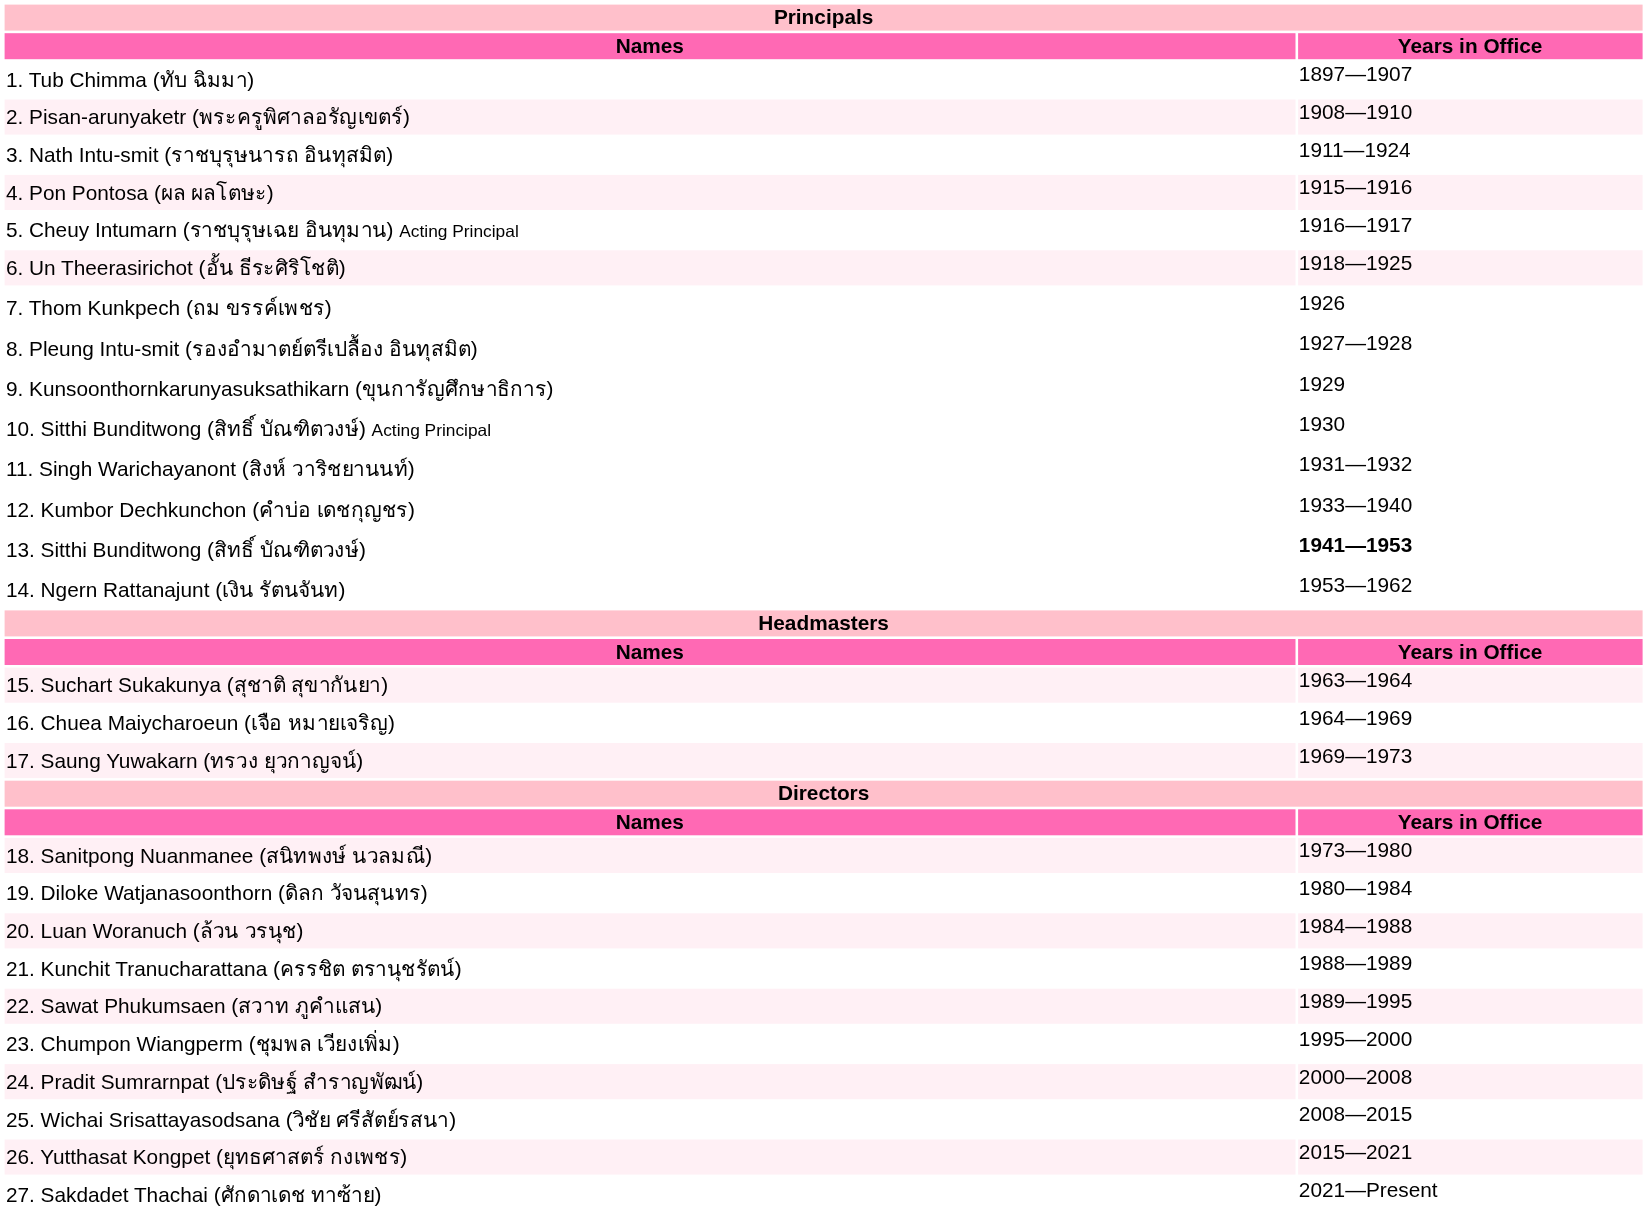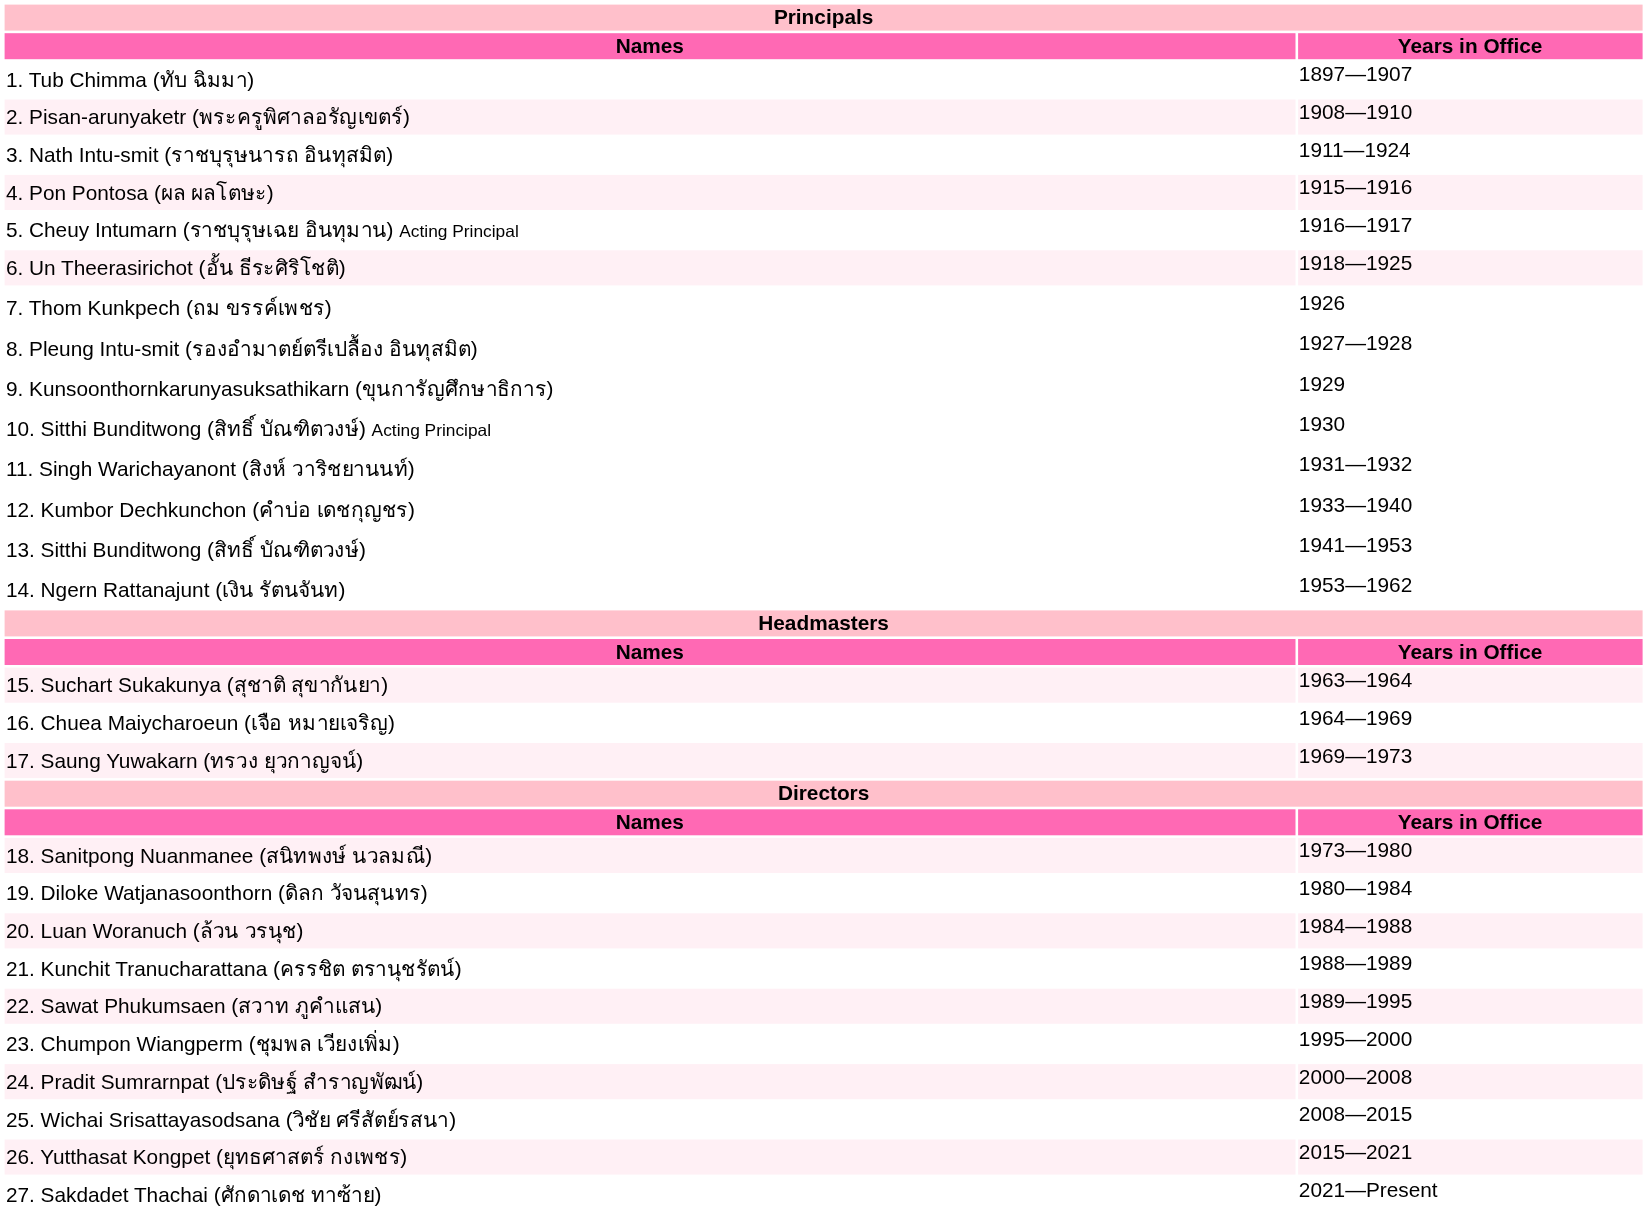 <table class="toccolours" width=100%>
 <tr>
 <td colspan="3" style="background: #ffc0cb " align="center"><strong>Principals</strong></td>
 </tr>
 <tr>
 <th style="background: Hotpink; ">Names</th>
 <th style="background: Hotpink; ">Years in Office</th>
 </tr>
 <tr>
 <td valign = "top">1. Tub Chimma (ทับ ฉิมมา)</td>
 <td valign = "top">1897—1907</td>
 </tr>
 <tr>
 <td valign="left" style="background: Lavenderblush">2. Pisan-arunyaketr (พระครูพิศาลอรัญเขตร์)</td>
 <td valign="top" style="background: Lavenderblush">1908—1910</td>
 </tr>
 <tr>
 <td valign = "top">3. Nath Intu-smit (ราชบุรุษนารถ อินทุสมิต)</td>
 <td valign = "top">1911—1924</td>
 </tr>
 <tr>
 <td valign="left" style="background: Lavenderblush">4. Pon Pontosa (ผล ผลโตษะ)</td>
 <td valign="top" style="background: Lavenderblush">1915—1916</td>
 </tr>
 <tr>
 <td valign = "top">5. Cheuy Intumarn (ราชบุรุษเฉย อินทุมาน) <small>Acting Principal</small></td>
 <td valign = "top">1916—1917</td>
 </tr>
 <tr>
 <td valign="left" style="background: Lavenderblush">6. Un Theerasirichot (อั้น ธีระศิริโชติ)</td>
 <td valign="top" style="background: Lavenderblush">1918—1925</td>
 </tr>
 <tr>
 </tr>
 <tr>
 <td valign = "top">7. Thom Kunkpech (ถม ขรรค์เพชร)</td>
 <td valign = "top">1926</td>
 </tr>
 <tr>
 </tr>
 <tr>
 <td valign = "top">8. Pleung Intu-smit (รองอำมาตย์ตรีเปลื้อง อินทุสมิต)</td>
 <td valign = "top">1927—1928</td>
 </tr>
 <tr>
 </tr>
 <tr>
 <td valign = "top">9. Kunsoonthornkarunyasuksathikarn (ขุนการัญศึกษาธิการ)</td>
 <td valign = "top">1929</td>
 </tr>
 <tr>
 </tr>
 <tr>
 <td valign = "top">10. Sitthi Bunditwong (สิทธิ์ บัณฑิตวงษ์) <small>Acting Principal</small></td>
 <td valign = "top">1930</td>
 </tr>
 <tr>
 </tr>
 <tr>
 <td valign = "top">11. Singh Warichayanont (สิงห์ วาริชยานนท์)</td>
 <td valign = "top">1931—1932</td>
 </tr>
 <tr>
 </tr>
 <tr>
 <td valign = "top">12. Kumbor Dechkunchon (คำบ่อ เดชกุญชร)</td>
 <td valign = "top">1933—1940</td>
 </tr>
 <tr>
 </tr>
 <tr>
 <td valign = "top">13. Sitthi Bunditwong (สิทธิ์ บัณฑิตวงษ์)</td>
-<td valign = "top"><strong>1941—1953</strong></td>
+<td valign = "top">1941—1953</td>
 </tr>
 <tr>
 </tr>
 <tr>
 <td valign = "top">14. Ngern Rattanajunt (เงิน รัตนจันท)</td>
 <td valign = "top">1953—1962</td>
 </tr>
 <tr>
 <td colspan="3" style="background: #ffc0cb " align="center"><strong>Headmasters</strong></td>
 </tr>
 <tr>
 <th style="background: Hotpink; ">Names</th>
 <th style="background: Hotpink; ">Years in Office</th>
 </tr>
 <tr>
 <td valign="left" style="background: Lavenderblush">15. Suchart Sukakunya (สุชาติ สุขากันยา)</td>
 <td valign="top" style="background: Lavenderblush">1963—1964</td>
 </tr>
 <tr>
 <td valign = "top">16. Chuea Maiycharoeun (เจือ หมายเจริญ)</td>
 <td valign = "top">1964—1969</td>
 </tr>
 <tr>
 <td valign="left" style="background: Lavenderblush">17. Saung Yuwakarn (ทรวง ยุวกาญจน์)</td>
 <td valign="top" style="background: Lavenderblush">1969—1973</td>
 </tr>
 <tr>
 <td colspan="3" style="background: #ffc0cb " align="center"><strong>Directors</strong></td>
 </tr>
 <tr>
 <th style="background: Hotpink; ">Names</th>
 <th style="background: Hotpink; ">Years in Office</th>
 </tr>
 <tr>
 <td valign="left" style="background: Lavenderblush">18. Sanitpong Nuanmanee (สนิทพงษ์ นวลมณี)</td>
 <td valign="top" style="background: Lavenderblush">1973—1980</td>
 </tr>
 <tr>
 <td valign = "top">19. Diloke Watjanasoonthorn (ดิลก วัจนสุนทร)</td>
 <td valign = "top">1980—1984</td>
 </tr>
 <tr>
 <td valign="left" style="background: Lavenderblush">20. Luan Woranuch (ล้วน วรนุช)</td>
 <td valign="top" style="background: Lavenderblush">1984—1988</td>
 </tr>
 <tr>
 <td valign = "top">21. Kunchit Tranucharattana (ครรชิต ตรานุชรัตน์)</td>
 <td valign = "top">1988—1989</td>
 </tr>
 <tr>
 <td valign="left" style="background: Lavenderblush">22. Sawat Phukumsaen (สวาท ภูคำแสน)</td>
 <td valign="top" style="background: Lavenderblush">1989—1995</td>
 </tr>
 <tr>
 <td valign = "top">23. Chumpon Wiangperm (ชุมพล เวียงเพิ่ม)</td>
 <td valign = "top">1995—2000</td>
 </tr>
 <tr>
 <td valign="left" style="background: Lavenderblush">24. Pradit Sumrarnpat (ประดิษฐ์ สำราญพัฒน์)</td>
 <td valign="top" style="background: Lavenderblush">2000—2008</td>
 </tr>
 <tr>
 <td valign = "top">25. Wichai Srisattayasodsana (วิชัย ศรีสัตย์รสนา)</td>
 <td valign = "top">2008—2015</td>
 </tr>
 <tr>
 <td valign="left" style="background: Lavenderblush">26. Yutthasat Kongpet (ยุทธศาสตร์ กงเพชร)</td>
 <td valign="top" style="background: Lavenderblush">2015—2021</td>
 </tr>
 <tr>
 <td valign = "top">27. Sakdadet Thachai (ศักดาเดช ทาซ้าย)</td>
 <td valign = "top">2021—Present</td>
 </tr>
 </table>
